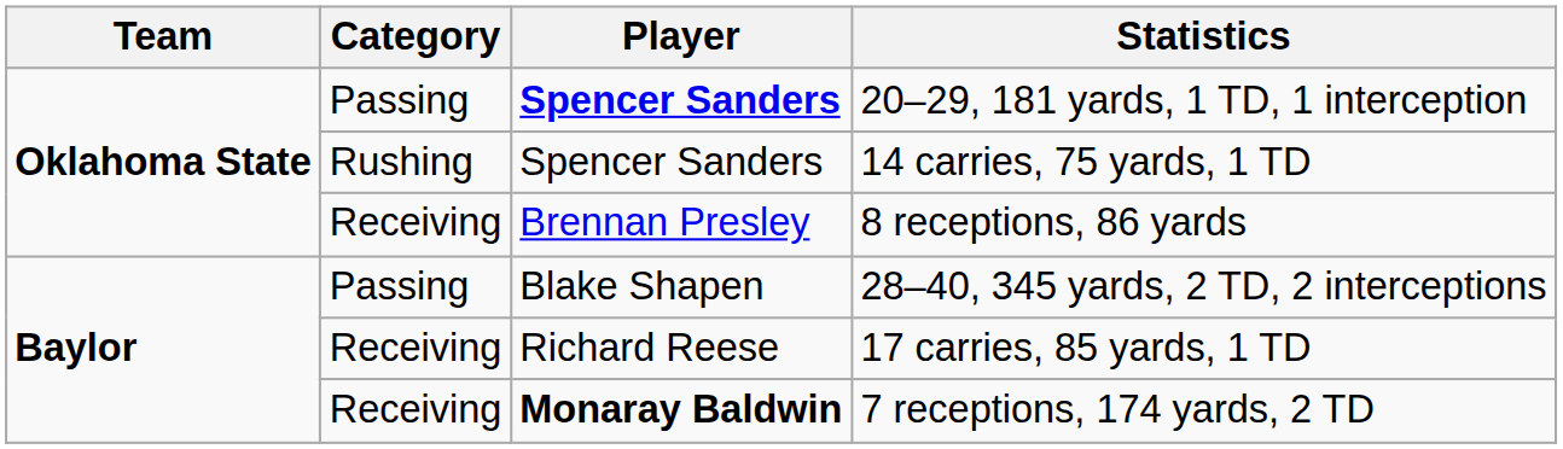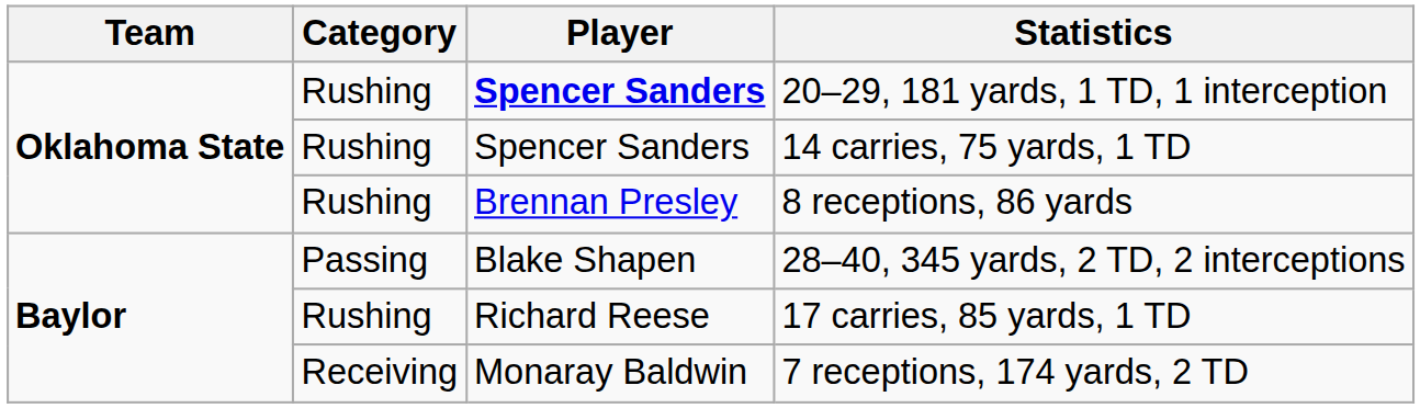 <table class="wikitable" style="float: right;">
 <tr>
 <th>Team</th>
 <th>Category</th>
 <th>Player</th>
 <th>Statistics</th>
 </tr>
 <tr>
 <td rowspan=3><strong>Oklahoma State</strong></td>
-<td>Passing</td>
+<td>Rushing</td>
 <td><strong><a href='#'>Spencer Sanders</a></strong></td>
 <td>20–29, 181 yards, 1 TD, 1 interception</td>
 </tr>
 <tr>
 <td>Rushing</td>
 <td>Spencer Sanders</td>
 <td>14 carries, 75 yards, 1 TD</td>
 </tr>
 <tr>
-<td>Receiving</td>
+<td>Rushing</td>
 <td><a href='#'>Brennan Presley</a></td>
 <td>8 receptions, 86 yards</td>
 </tr>
 <tr>
 <td rowspan=3><strong>Baylor</strong></td>
 <td>Passing</td>
 <td>Blake Shapen</td>
 <td>28–40, 345 yards, 2 TD, 2 interceptions</td>
 </tr>
 <tr>
-<td>Receiving</td>
+<td>Rushing</td>
 <td>Richard Reese</td>
 <td>17 carries, 85 yards, 1 TD</td>
 </tr>
 <tr>
 <td>Receiving</td>
-<td><strong>Monaray Baldwin</strong></td>
+<td>Monaray Baldwin</td>
 <td>7 receptions, 174 yards, 2 TD</td>
 </tr>
 </table>
